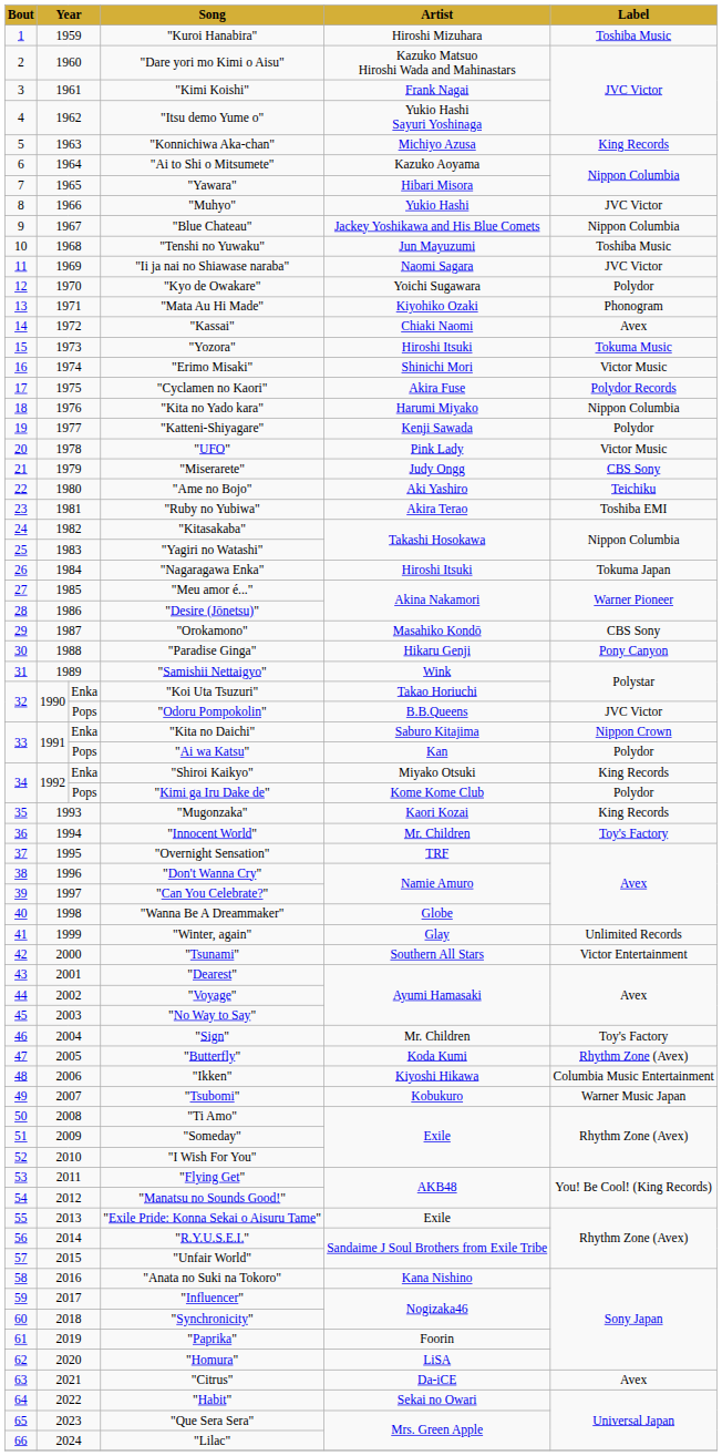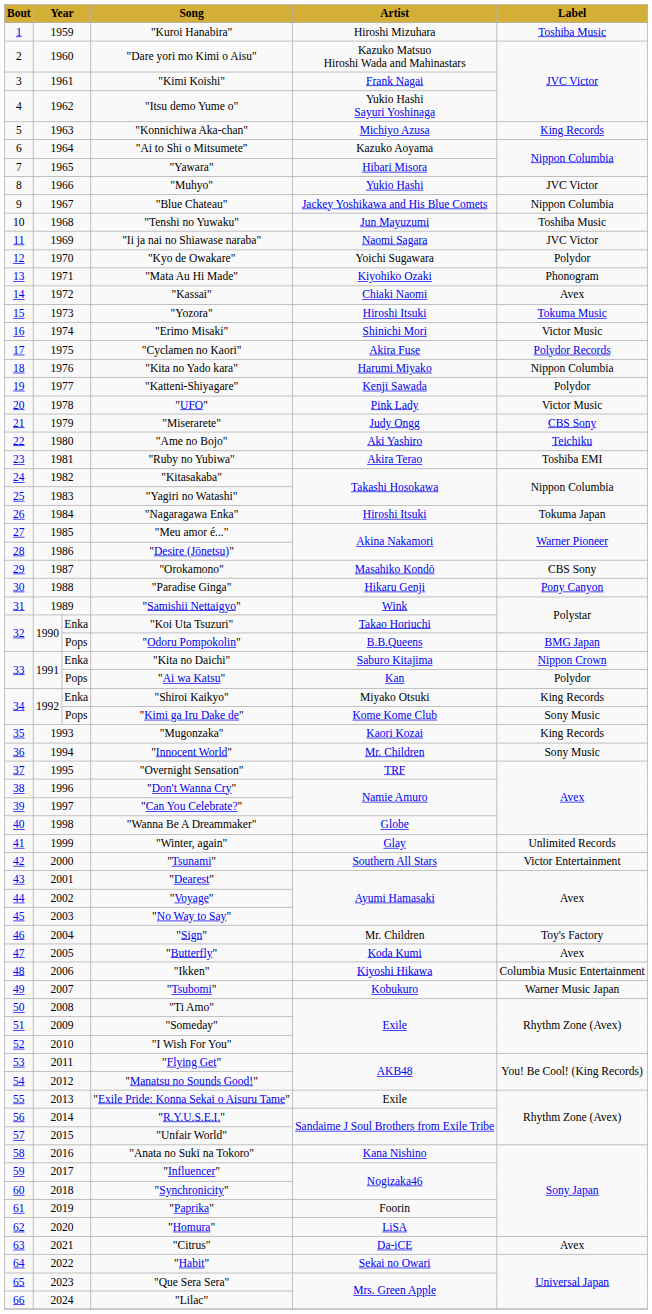 <table class="wikitable sortable" style="text-align: center">
 <tr>
 <th class="unsortable" style="background:#D4AF37;">Bout</th>
 <th colspan="2" style="background:#D4AF37;">Year</th>
 <th style="background:#D4AF37;">Song</th>
 <th style="background:#D4AF37;">Artist</th>
 <th style="background:#D4AF37;">Label</th>
 </tr>
 <tr>
 <td><a href='#'>1</a></td>
 <td colspan="2">1959</td>
 <td>"Kuroi Hanabira"</td>
 <td>Hiroshi Mizuhara</td>
 <td><a href='#'>Toshiba Music</a></td>
 </tr>
 <tr>
 <td>2</td>
 <td colspan="2">1960</td>
 <td>"Dare yori mo Kimi o Aisu"</td>
 <td>Kazuko Matsuo<br>Hiroshi Wada and Mahinastars</td>
 <td rowspan="3"><a href='#'>JVC Victor</a></td>
 </tr>
 <tr>
 <td>3</td>
 <td colspan="2">1961</td>
 <td>"Kimi Koishi"</td>
 <td><a href='#'>Frank Nagai</a></td>
 </tr>
 <tr>
 <td>4</td>
 <td colspan="2">1962</td>
 <td>"Itsu demo Yume o"</td>
 <td>Yukio Hashi<br><a href='#'>Sayuri Yoshinaga</a></td>
 </tr>
 <tr>
 <td>5</td>
 <td colspan="2">1963</td>
 <td>"Konnichiwa Aka-chan"</td>
 <td><a href='#'>Michiyo Azusa</a></td>
 <td><a href='#'>King Records</a></td>
 </tr>
 <tr>
 <td>6</td>
 <td colspan="2">1964</td>
 <td>"Ai to Shi o Mitsumete"</td>
 <td>Kazuko Aoyama</td>
 <td rowspan="2"><a href='#'>Nippon Columbia</a></td>
 </tr>
 <tr>
 <td>7</td>
 <td colspan="2">1965</td>
 <td>"Yawara"</td>
 <td><a href='#'>Hibari Misora</a></td>
 </tr>
 <tr>
 <td>8</td>
 <td colspan="2">1966</td>
 <td>"Muhyo"</td>
 <td><a href='#'>Yukio Hashi</a></td>
 <td>JVC Victor</td>
 </tr>
 <tr>
 <td>9</td>
 <td colspan="2">1967</td>
 <td>"Blue Chateau"</td>
 <td nowrap=""><a href='#'>Jackey Yoshikawa and His Blue Comets </a></td>
 <td>Nippon Columbia</td>
 </tr>
 <tr>
 <td>10</td>
 <td colspan="2">1968</td>
 <td>"Tenshi no Yuwaku"</td>
 <td><a href='#'>Jun Mayuzumi</a></td>
 <td>Toshiba Music</td>
 </tr>
 <tr>
 <td><a href='#'>11</a></td>
 <td colspan="2">1969</td>
 <td>"Ii ja nai no Shiawase naraba"</td>
 <td><a href='#'>Naomi Sagara</a></td>
 <td>JVC Victor</td>
 </tr>
 <tr>
 <td><a href='#'>12</a></td>
 <td colspan="2">1970</td>
 <td>"Kyo de Owakare"</td>
 <td>Yoichi Sugawara</td>
 <td>Polydor</td>
 </tr>
 <tr>
 <td><a href='#'>13</a></td>
 <td colspan="2">1971</td>
 <td>"Mata Au Hi Made"</td>
 <td><a href='#'>Kiyohiko Ozaki</a></td>
 <td>Phonogram</td>
 </tr>
 <tr>
 <td><a href='#'>14</a></td>
 <td colspan="2">1972</td>
 <td>"Kassai"</td>
 <td><a href='#'>Chiaki Naomi</a></td>
 <td>Avex</td>
 </tr>
 <tr>
 <td><a href='#'>15</a></td>
 <td colspan="2">1973</td>
 <td>"Yozora"</td>
 <td><a href='#'>Hiroshi Itsuki</a></td>
 <td><a href='#'>Tokuma Music</a></td>
 </tr>
 <tr>
 <td><a href='#'>16</a></td>
 <td colspan="2">1974</td>
 <td>"Erimo Misaki"</td>
 <td><a href='#'>Shinichi Mori</a></td>
 <td>Victor Music</td>
 </tr>
 <tr>
 <td><a href='#'>17</a></td>
 <td colspan="2">1975</td>
 <td>"Cyclamen no Kaori"</td>
 <td><a href='#'>Akira Fuse</a></td>
 <td><a href='#'>Polydor Records</a></td>
 </tr>
 <tr>
 <td><a href='#'>18</a></td>
 <td colspan="2">1976</td>
 <td>"Kita no Yado kara"</td>
 <td><a href='#'>Harumi Miyako</a></td>
 <td>Nippon Columbia</td>
 </tr>
 <tr>
 <td><a href='#'>19</a></td>
 <td colspan="2">1977</td>
 <td>"Katteni-Shiyagare"</td>
 <td><a href='#'>Kenji Sawada</a></td>
 <td>Polydor</td>
 </tr>
 <tr>
 <td><a href='#'>20</a></td>
 <td colspan="2">1978</td>
 <td>"<a href='#'>UFO</a>"</td>
 <td><a href='#'>Pink Lady</a></td>
 <td>Victor Music</td>
 </tr>
 <tr>
 <td><a href='#'>21</a></td>
 <td colspan="2">1979</td>
 <td>"Miserarete"</td>
 <td><a href='#'>Judy Ongg</a></td>
 <td><a href='#'>CBS Sony</a></td>
 </tr>
 <tr>
 <td><a href='#'>22</a></td>
 <td colspan="2">1980</td>
 <td>"Ame no Bojo"</td>
 <td><a href='#'>Aki Yashiro</a></td>
 <td><a href='#'>Teichiku</a></td>
 </tr>
 <tr>
 <td><a href='#'>23</a></td>
 <td colspan="2">1981</td>
 <td>"Ruby no Yubiwa"</td>
 <td><a href='#'>Akira Terao</a></td>
 <td>Toshiba EMI</td>
 </tr>
 <tr>
 <td><a href='#'>24</a></td>
 <td colspan="2">1982</td>
 <td>"Kitasakaba"</td>
 <td rowspan="2"><a href='#'>Takashi Hosokawa</a></td>
 <td rowspan="2">Nippon Columbia</td>
 </tr>
 <tr>
 <td><a href='#'>25</a></td>
 <td colspan="2">1983</td>
 <td>"Yagiri no Watashi"</td>
 </tr>
 <tr>
 <td><a href='#'>26</a></td>
 <td colspan="2">1984</td>
 <td>"Nagaragawa Enka"</td>
 <td><a href='#'>Hiroshi Itsuki</a></td>
 <td>Tokuma Japan</td>
 </tr>
 <tr>
 <td><a href='#'>27</a></td>
 <td colspan="2">1985</td>
 <td>"Meu amor é..."</td>
 <td rowspan="2"><a href='#'>Akina Nakamori</a></td>
 <td rowspan="2"><a href='#'>Warner Pioneer</a></td>
 </tr>
 <tr>
 <td><a href='#'>28</a></td>
 <td colspan="2">1986</td>
 <td>"<a href='#'>Desire (Jōnetsu)</a>"</td>
 </tr>
 <tr>
 <td><a href='#'>29</a></td>
 <td colspan="2">1987</td>
 <td>"Orokamono"</td>
 <td><a href='#'>Masahiko Kondō</a></td>
 <td>CBS Sony</td>
 </tr>
 <tr>
 <td><a href='#'>30</a></td>
 <td colspan="2">1988</td>
 <td>"Paradise Ginga"</td>
 <td><a href='#'>Hikaru Genji</a></td>
 <td><a href='#'>Pony Canyon</a></td>
 </tr>
 <tr>
 <td><a href='#'>31</a></td>
 <td colspan="2">1989</td>
 <td>"<a href='#'>Samishii Nettaigyo</a>"</td>
 <td><a href='#'>Wink</a></td>
 <td rowspan="2">Polystar</td>
 </tr>
 <tr>
 <td rowspan="2"><a href='#'>32</a></td>
 <td rowspan="2" nowrap="">1990</td>
 <td>Enka</td>
 <td>"Koi Uta Tsuzuri"</td>
 <td><a href='#'>Takao Horiuchi</a></td>
 </tr>
 <tr>
 <td>Pops</td>
 <td>"<a href='#'>Odoru Pompokolin</a>"</td>
 <td><a href='#'>B.B.Queens</a></td>
-<td>JVC Victor</td>
+<td><a href='#'>BMG Japan</a></td>
 </tr>
 <tr>
 <td rowspan="2"><a href='#'>33</a></td>
 <td rowspan="2">1991</td>
 <td>Enka</td>
 <td>"Kita no Daichi"</td>
 <td><a href='#'>Saburo Kitajima</a></td>
 <td><a href='#'>Nippon Crown</a></td>
 </tr>
 <tr>
 <td>Pops</td>
 <td>"<a href='#'>Ai wa Katsu</a>"</td>
 <td><a href='#'>Kan</a></td>
 <td>Polydor</td>
 </tr>
 <tr>
 <td rowspan="2"><a href='#'>34</a></td>
 <td rowspan="2">1992</td>
 <td>Enka</td>
 <td>"Shiroi Kaikyo"</td>
 <td>Miyako Otsuki</td>
 <td>King Records</td>
 </tr>
 <tr>
 <td>Pops</td>
 <td>"<a href='#'>Kimi ga Iru Dake de</a>"</td>
 <td><a href='#'>Kome Kome Club</a></td>
-<td>Polydor</td>
+<td nowrap="">Sony Music</td>
 </tr>
 <tr>
 <td><a href='#'>35</a></td>
 <td colspan="2">1993</td>
 <td>"Mugonzaka"</td>
 <td><a href='#'>Kaori Kozai</a></td>
 <td>King Records</td>
 </tr>
 <tr>
 <td><a href='#'>36</a></td>
 <td colspan="2">1994</td>
 <td>"<a href='#'>Innocent World</a>"</td>
 <td><a href='#'>Mr. Children</a></td>
-<td><a href='#'>Toy's Factory</a></td>
+<td nowrap="">Sony Music</td>
 </tr>
 <tr>
 <td><a href='#'>37</a></td>
 <td colspan="2">1995</td>
 <td nowrap>"Overnight Sensation"</td>
 <td><a href='#'>TRF</a></td>
 <td rowspan="4"><a href='#'>Avex</a></td>
 </tr>
 <tr>
 <td><a href='#'>38</a></td>
 <td colspan="2">1996</td>
 <td>"<a href='#'>Don't Wanna Cry</a>"</td>
 <td rowspan="2"><a href='#'>Namie Amuro</a></td>
 </tr>
 <tr>
 <td><a href='#'>39</a></td>
 <td colspan="2">1997</td>
 <td>"<a href='#'>Can You Celebrate?</a>"</td>
 </tr>
 <tr>
 <td><a href='#'>40</a></td>
 <td colspan="2">1998</td>
 <td>"Wanna Be A Dreammaker"</td>
 <td><a href='#'>Globe</a></td>
 </tr>
 <tr>
 <td><a href='#'>41</a></td>
 <td colspan="2">1999</td>
 <td>"Winter, again"</td>
 <td><a href='#'>Glay</a></td>
 <td>Unlimited Records</td>
 </tr>
 <tr>
 <td><a href='#'>42</a></td>
 <td colspan="2">2000</td>
 <td>"<a href='#'>Tsunami</a>"</td>
 <td><a href='#'>Southern All Stars</a></td>
 <td>Victor Entertainment</td>
 </tr>
 <tr>
 <td><a href='#'>43</a></td>
 <td colspan="2">2001</td>
 <td>"<a href='#'>Dearest</a>"</td>
 <td rowspan="3"><a href='#'>Ayumi Hamasaki</a></td>
 <td rowspan="3">Avex</td>
 </tr>
 <tr>
 <td><a href='#'>44</a></td>
 <td colspan="2">2002</td>
 <td>"<a href='#'>Voyage</a>"</td>
 </tr>
 <tr>
 <td><a href='#'>45</a></td>
 <td colspan="2">2003</td>
 <td>"<a href='#'>No Way to Say</a>"</td>
 </tr>
 <tr>
 <td><a href='#'>46</a></td>
 <td colspan="2">2004</td>
 <td>"<a href='#'>Sign</a>"</td>
 <td>Mr. Children</td>
 <td>Toy's Factory</td>
 </tr>
 <tr>
 <td><a href='#'>47</a></td>
 <td colspan="2">2005</td>
 <td>"<a href='#'>Butterfly</a>"</td>
 <td><a href='#'>Koda Kumi</a></td>
-<td><a href='#'>Rhythm Zone</a> (Avex)</td>
+<td>Avex</td>
 </tr>
 <tr>
 <td><a href='#'>48</a></td>
 <td colspan="2">2006</td>
 <td>"Ikken"</td>
 <td><a href='#'>Kiyoshi Hikawa</a></td>
 <td>Columbia Music Entertainment</td>
 </tr>
 <tr>
 <td><a href='#'>49</a></td>
 <td colspan="2">2007</td>
 <td>"<a href='#'>Tsubomi</a>"</td>
 <td><a href='#'>Kobukuro</a></td>
 <td>Warner Music Japan</td>
 </tr>
 <tr>
 <td><a href='#'>50</a></td>
 <td colspan="2">2008</td>
 <td>"Ti Amo"</td>
 <td rowspan="3"><a href='#'>Exile</a></td>
 <td rowspan="3">Rhythm Zone (Avex)</td>
 </tr>
 <tr>
 <td><a href='#'>51</a></td>
 <td colspan="2">2009</td>
 <td>"Someday"</td>
 </tr>
 <tr>
 <td><a href='#'>52</a></td>
 <td colspan="2">2010</td>
 <td>"I Wish For You"</td>
 </tr>
 <tr>
 <td><a href='#'>53</a></td>
 <td colspan="2">2011</td>
 <td>"<a href='#'>Flying Get</a>"</td>
 <td rowspan="2"><a href='#'>AKB48</a></td>
 <td rowspan="2">You! Be Cool! (King Records)</td>
 </tr>
 <tr>
 <td><a href='#'>54</a></td>
 <td colspan="2">2012</td>
 <td>"<a href='#'>Manatsu no Sounds Good!</a>"</td>
 </tr>
 <tr>
 <td><a href='#'>55</a></td>
 <td colspan="2">2013</td>
 <td>"<a href='#'>Exile Pride: Konna Sekai o Aisuru Tame</a>"</td>
 <td>Exile</td>
 <td rowspan="3">Rhythm Zone (Avex)</td>
 </tr>
 <tr>
 <td><a href='#'>56</a></td>
 <td colspan="2">2014</td>
 <td>"<a href='#'>R.Y.U.S.E.I.</a>"</td>
 <td rowspan="2"><a href='#'>Sandaime J Soul Brothers from Exile Tribe</a></td>
 </tr>
 <tr>
 <td><a href='#'>57</a></td>
 <td colspan="2">2015</td>
 <td>"Unfair World"</td>
 </tr>
 <tr>
 <td><a href='#'>58</a></td>
 <td colspan="2">2016</td>
 <td>"Anata no Suki na Tokoro"</td>
 <td><a href='#'>Kana Nishino</a></td>
 <td rowspan="5"><a href='#'>Sony Japan</a></td>
 </tr>
 <tr>
 <td><a href='#'>59</a></td>
 <td colspan="2">2017</td>
 <td>"<a href='#'>Influencer</a>"</td>
 <td rowspan="2"><a href='#'>Nogizaka46</a></td>
 </tr>
 <tr>
 <td><a href='#'>60</a></td>
 <td colspan="2">2018</td>
 <td>"<a href='#'>Synchronicity</a>"</td>
 </tr>
 <tr>
 <td><a href='#'>61</a></td>
 <td colspan="2">2019</td>
 <td>"<a href='#'>Paprika</a>"</td>
 <td>Foorin</td>
 </tr>
 <tr>
 <td><a href='#'>62</a></td>
 <td colspan="2">2020</td>
 <td>"<a href='#'>Homura</a>"</td>
 <td><a href='#'>LiSA</a></td>
 </tr>
 <tr>
 <td><a href='#'>63</a></td>
 <td colspan="2">2021</td>
 <td>"Citrus"</td>
 <td><a href='#'>Da-iCE</a></td>
 <td>Avex</td>
 </tr>
 <tr>
 <td><a href='#'>64</a></td>
 <td colspan="2">2022</td>
 <td>"<a href='#'>Habit</a>"</td>
 <td><a href='#'>Sekai no Owari</a></td>
 <td rowspan="3"><a href='#'>Universal Japan</a></td>
 </tr>
 <tr>
 <td><a href='#'>65</a></td>
 <td colspan="2">2023</td>
 <td>"Que Sera Sera"</td>
 <td rowspan="2"><a href='#'>Mrs. Green Apple</a></td>
 </tr>
 <tr>
 <td><a href='#'>66</a></td>
 <td colspan="2">2024</td>
 <td>"Lilac"</td>
 </tr>
 <tr>
 </tr>
 </table>
